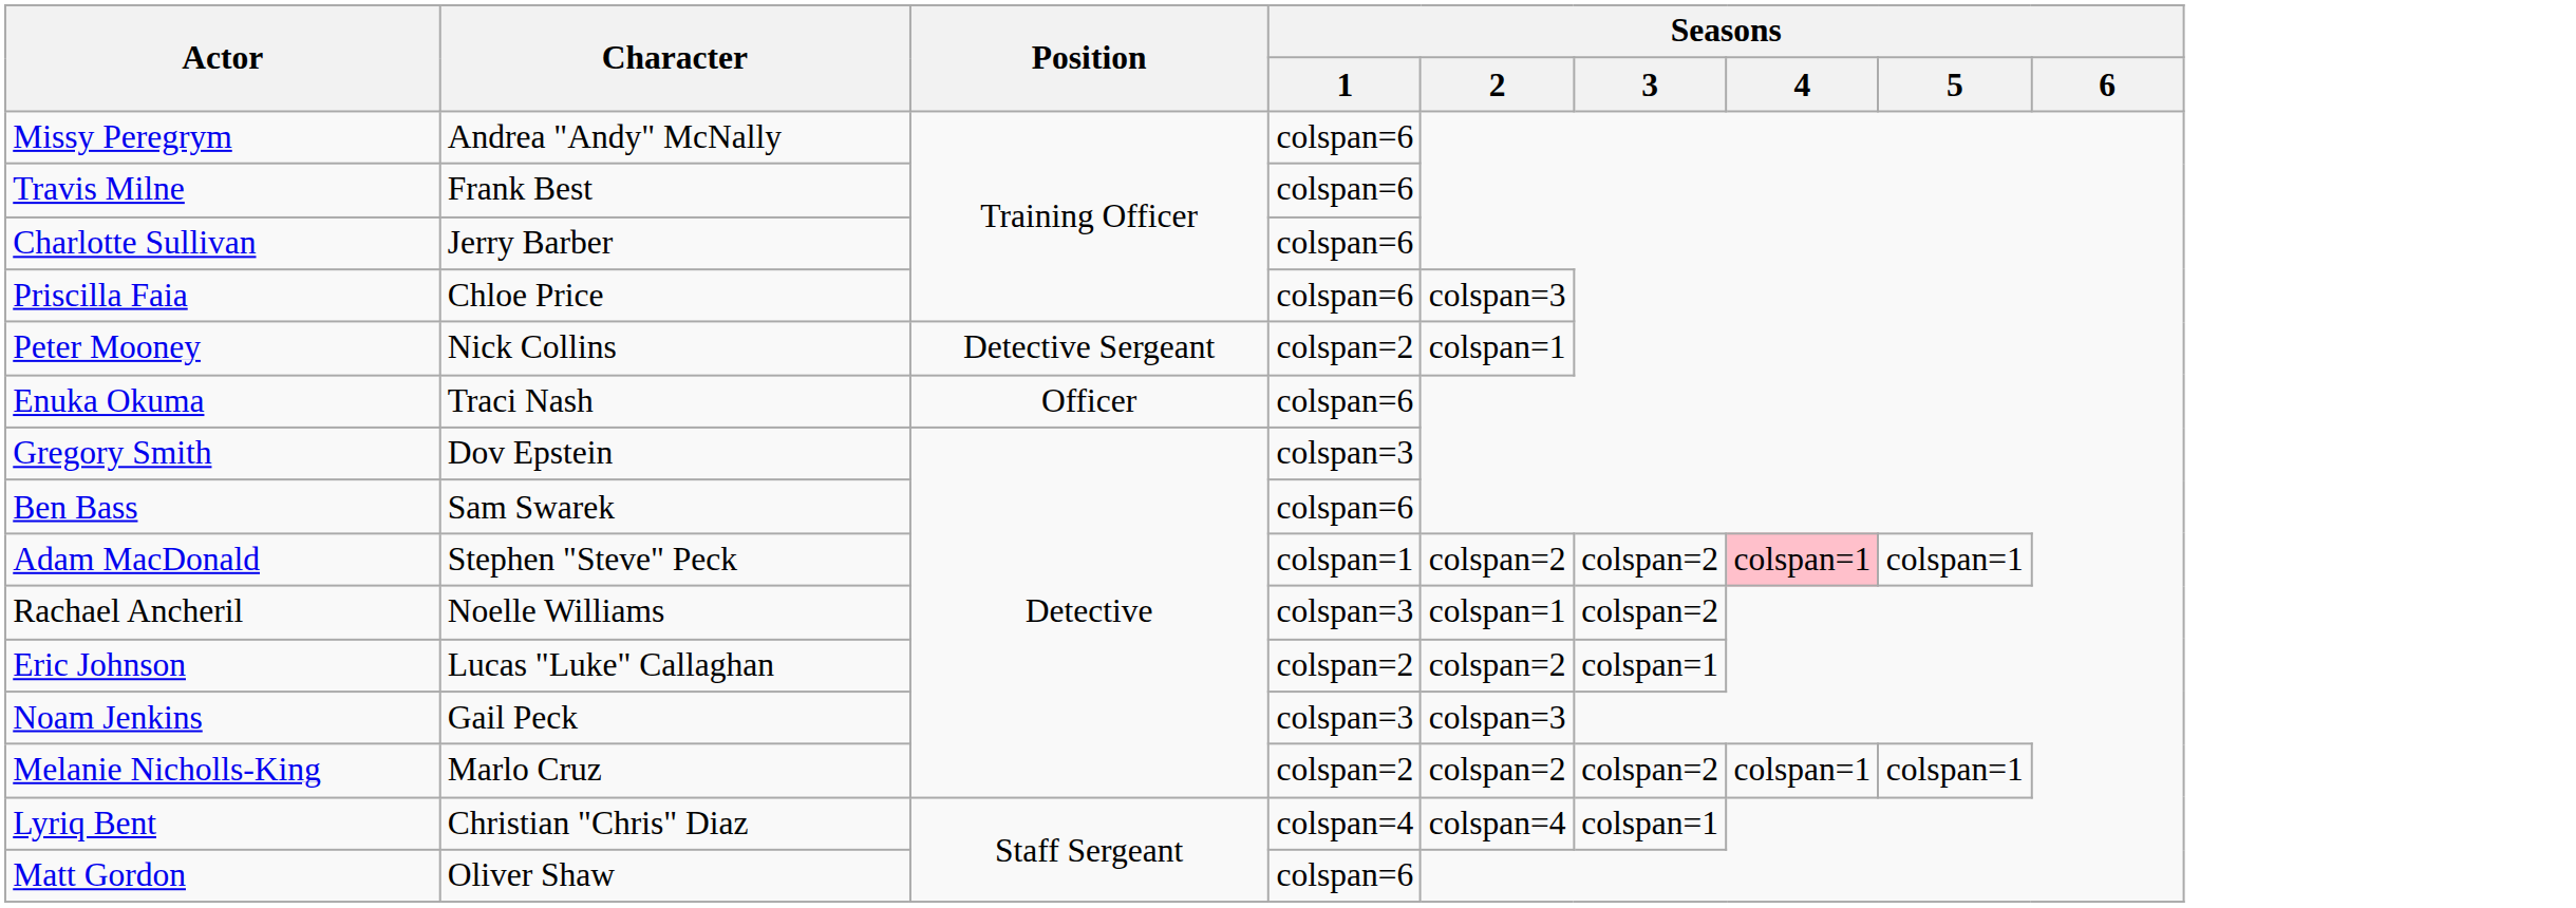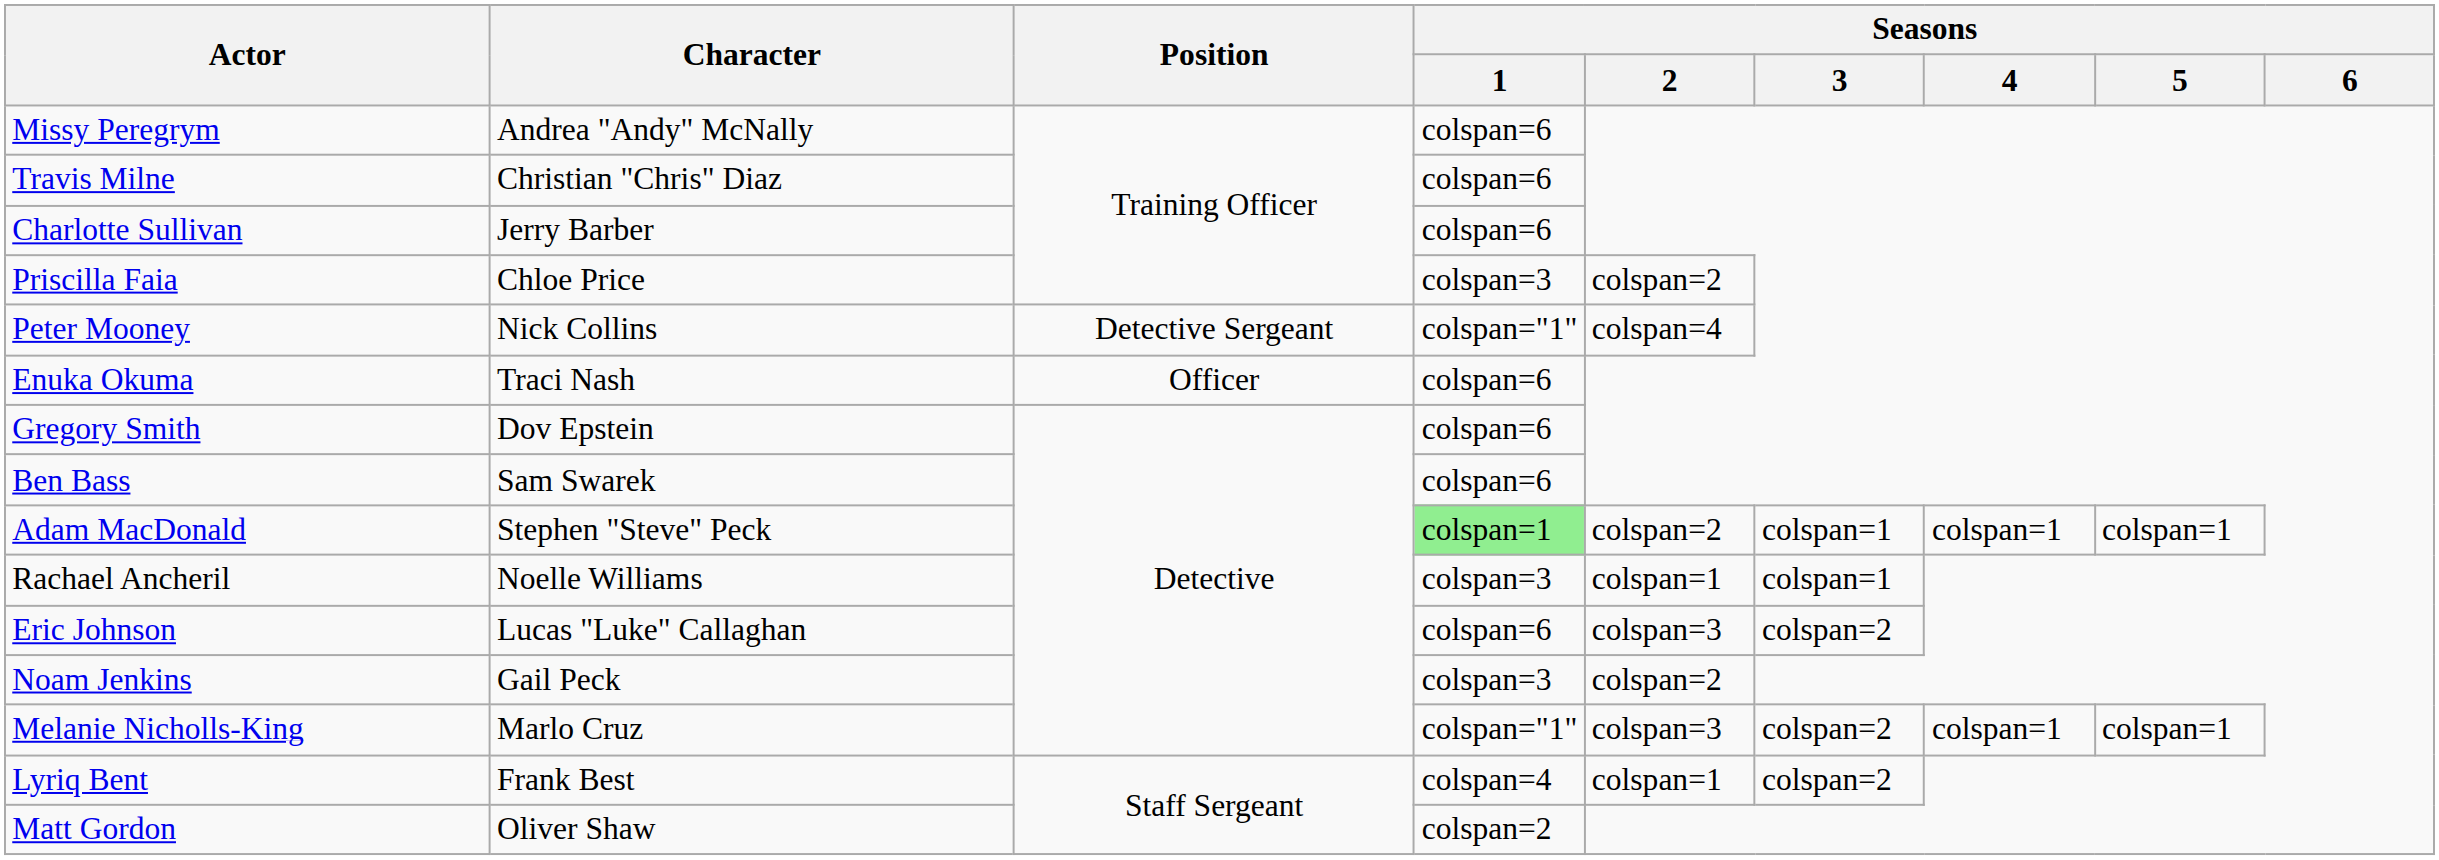 <table class="wikitable sortable">
 <tr>
 <th rowspan=2>Actor</th>
 <th rowspan=2>Character</th>
 <th rowspan=2>Position</th>
 <th colspan=6>Seasons</th>
 </tr>
 <tr>
 <th class="unsortable" style="width:7%;">1</th>
 <th class="unsortable" style="width:7%;">2</th>
 <th class="unsortable" style="width:7%;">3</th>
 <th class="unsortable" style="width:7%;">4</th>
 <th class="unsortable" style="width:7%;">5</th>
 <th class="unsortable" style="width:7%;">6</th>
 </tr>
 <tr>
 <td><a href='#'>Missy Peregrym</a></td>
 <td>Andrea "Andy" McNally</td>
 <td align="center" rowspan=4>Training Officer</td>
 <td>colspan=6 </td>
 </tr>
 <tr>
 <td><a href='#'>Travis Milne</a></td>
-<td>Frank Best</td>
+<td>Christian "Chris" Diaz</td>
 <td>colspan=6 </td>
 </tr>
 <tr>
 <td><a href='#'>Charlotte Sullivan</a></td>
 <td>Jerry Barber</td>
 <td>colspan=6 </td>
 </tr>
 <tr>
 <td><a href='#'>Priscilla Faia</a></td>
 <td>Chloe Price</td>
-<td>colspan=6 </td>
 <td>colspan=3 </td>
+<td>colspan=2 </td>
 </tr>
 <tr>
 <td><a href='#'>Peter Mooney</a></td>
 <td>Nick Collins</td>
 <td align="center">Detective Sergeant</td>
-<td>colspan=2 </td>
-<td>colspan=1 </td>
+<td>colspan="1" </td>
+<td>colspan=4 </td>
 </tr>
 <tr>
 <td><a href='#'>Enuka Okuma</a></td>
 <td>Traci Nash</td>
 <td align="center">Officer</td>
 <td>colspan=6 </td>
 </tr>
 <tr>
 <td><a href='#'>Gregory Smith</a></td>
 <td>Dov Epstein</td>
 <td rowspan=7 align="center">Detective</td>
-<td>colspan=3 </td>
+<td>colspan=6 </td>
 </tr>
 <tr>
 <td><a href='#'>Ben Bass</a></td>
 <td>Sam Swarek</td>
 <td>colspan=6 </td>
 </tr>
 <tr>
 <td><a href='#'>Adam MacDonald</a></td>
 <td>Stephen "Steve" Peck</td>
+<td style="background: lightgreen;">colspan=1 </td>
+<td>colspan=2 </td>
 <td>colspan=1 </td>
-<td>colspan=2 </td>
-<td>colspan=2 </td>
-<td style="background: pink;">colspan=1 </td>
+<td>colspan=1 </td>
 <td>colspan=1 </td>
 </tr>
 <tr>
 <td>Rachael Ancheril</td>
 <td>Noelle Williams</td>
 <td>colspan=3 </td>
 <td>colspan=1 </td>
-<td>colspan=2 </td>
+<td>colspan=1 </td>
 </tr>
 <tr>
 <td><a href='#'>Eric Johnson</a></td>
 <td>Lucas "Luke" Callaghan</td>
+<td>colspan=6 </td>
+<td>colspan=3 </td>
 <td>colspan=2 </td>
-<td>colspan=2 </td>
-<td>colspan=1 </td>
 </tr>
 <tr>
 <td><a href='#'>Noam Jenkins</a></td>
 <td>Gail Peck</td>
 <td>colspan=3 </td>
-<td>colspan=3 </td>
+<td>colspan=2 </td>
 </tr>
 <tr>
 <td><a href='#'>Melanie Nicholls-King</a></td>
 <td>Marlo Cruz</td>
-<td>colspan=2 </td>
-<td>colspan=2 </td>
+<td>colspan="1" </td>
+<td>colspan=3 </td>
 <td>colspan=2 </td>
 <td>colspan=1 </td>
 <td>colspan=1 </td>
 </tr>
 <tr>
 <td><a href='#'>Lyriq Bent</a></td>
-<td>Christian "Chris" Diaz</td>
+<td>Frank Best</td>
 <td rowspan=2 align="center">Staff Sergeant</td>
 <td>colspan=4 </td>
-<td>colspan=4 </td>
 <td>colspan=1 </td>
+<td>colspan=2 </td>
 </tr>
 <tr>
 <td><a href='#'>Matt Gordon</a></td>
 <td>Oliver Shaw</td>
-<td>colspan=6 </td>
+<td>colspan=2 </td>
 </tr>
 </table>
